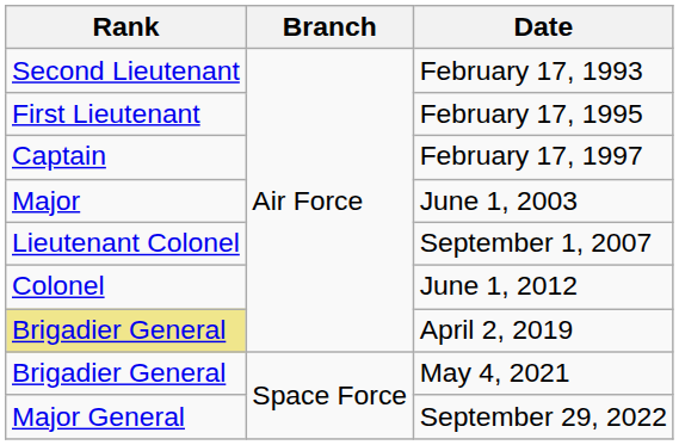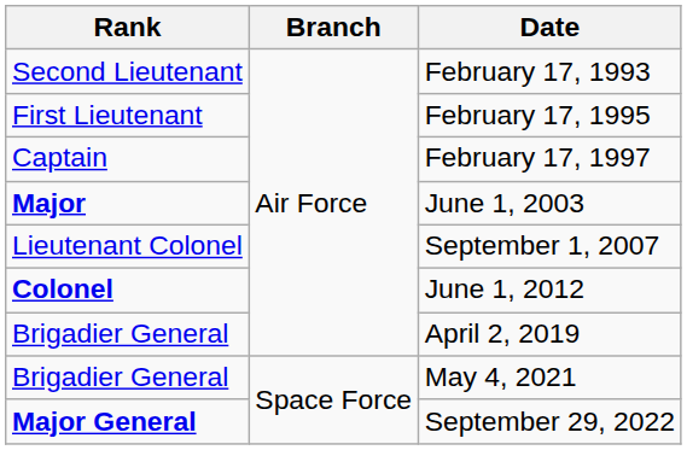 <table class="wikitable">
 <tr>
 <th>Rank</th>
 <th>Branch</th>
 <th>Date</th>
 </tr>
 <tr>
 <td> <a href='#'>Second Lieutenant</a></td>
 <td rowspan=7>Air Force</td>
 <td>February 17, 1993</td>
 </tr>
 <tr>
 <td> <a href='#'>First Lieutenant</a></td>
 <td>February 17, 1995</td>
 </tr>
 <tr>
 <td> <a href='#'>Captain</a></td>
 <td>February 17, 1997</td>
 </tr>
 <tr>
-<td> <a href='#'>Major</a></td>
+<td><strong> <a href='#'>Major</a></strong></td>
 <td>June 1, 2003</td>
 </tr>
 <tr>
 <td> <a href='#'>Lieutenant Colonel</a></td>
 <td>September 1, 2007</td>
 </tr>
 <tr>
-<td> <a href='#'>Colonel</a></td>
+<td><strong> <a href='#'>Colonel</a></strong></td>
 <td>June 1, 2012</td>
 </tr>
 <tr>
-<td style="background: khaki;"> <a href='#'>Brigadier General</a></td>
+<td> <a href='#'>Brigadier General</a></td>
 <td>April 2, 2019</td>
 </tr>
 <tr>
 <td> <a href='#'>Brigadier General</a></td>
 <td rowspan=2>Space Force</td>
 <td>May 4, 2021</td>
 </tr>
 <tr>
-<td> <a href='#'>Major General</a></td>
+<td><strong> <a href='#'>Major General</a></strong></td>
 <td>September 29, 2022</td>
 </tr>
 </table>
